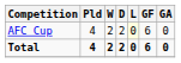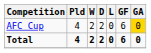 <table class="wikitable">
 <tr>
 <th>Competition</th>
 <th>Pld</th>
 <th>W</th>
 <th>D</th>
 <th>L</th>
 <th>GF</th>
 <th>GA</th>
 </tr>
 <tr>
 <td><a href='#'>AFC Cup</a></td>
 <td style="text-align:center;">4</td>
 <td style="text-align:center;">2</td>
 <td style="text-align:center;">2</td>
-<td style="background: lightyellow; text-align:center;">0</td>
+<td style="text-align:center;">0</td>
 <td style="text-align:center;">6</td>
-<td style="text-align:center;">0</td>
+<td style="background: gold; text-align:center;">0</td>
 </tr>
 <tr>
 <td><strong>Total</strong></td>
 <td style="text-align:center;"><strong>4</strong></td>
 <td style="text-align:center;"><strong>2</strong></td>
 <td style="text-align:center;"><strong>2</strong></td>
 <td style="text-align:center;"><strong>0</strong></td>
 <td style="text-align:center;"><strong>6</strong></td>
 <td style="text-align:center;"><strong>0</strong></td>
 </tr>
 <tr>
 </tr>
 </table>
